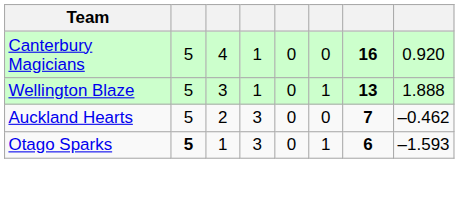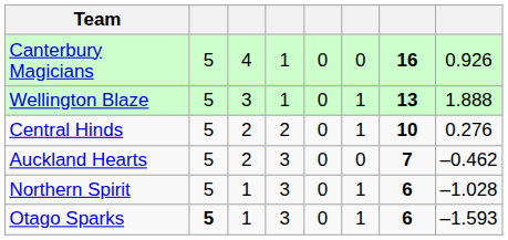 <table class="wikitable" style="text-align:center">
 <tr>
 <th width="150">Team</th>
 <th width="25"></th>
 <th width="25"></th>
 <th width="25"></th>
 <th width="25"></th>
 <th width="25"></th>
 <th width="40"></th>
 <th width="50"></th>
 </tr>
 <tr style="background:#cfc">
 <td style="text-align:left"><a href='#'>Canterbury Magicians</a></td>
 <td>5</td>
 <td>4</td>
 <td>1</td>
 <td>0</td>
 <td>0</td>
 <td><strong>16</strong></td>
-<td>0.920</td>
+<td>0.926</td>
 </tr>
 <tr style="background:#cfc">
 <td style="text-align:left"><a href='#'>Wellington Blaze</a></td>
 <td>5</td>
 <td>3</td>
 <td>1</td>
 <td>0</td>
 <td>1</td>
 <td><strong>13</strong></td>
 <td>1.888</td>
 </tr>
 <tr>
+<td style="text-align:left"><a href='#'>Central Hinds</a></td>
+<td>5</td>
+<td>2</td>
+<td>2</td>
+<td>0</td>
+<td>1</td>
+<td><strong>10</strong></td>
+<td>0.276</td>
+</tr>
+<tr>
 <td style="text-align:left"><a href='#'>Auckland Hearts</a></td>
 <td>5</td>
 <td>2</td>
 <td>3</td>
 <td>0</td>
 <td>0</td>
 <td><strong>7</strong></td>
 <td>–0.462</td>
+</tr>
+<tr>
+<td style="text-align:left"><a href='#'>Northern Spirit</a></td>
+<td>5</td>
+<td>1</td>
+<td>3</td>
+<td>0</td>
+<td>1</td>
+<td><strong>6</strong></td>
+<td>–1.028</td>
 </tr>
 <tr>
 <td style="text-align:left"><a href='#'>Otago Sparks</a></td>
 <td><strong>5</strong></td>
 <td>1</td>
 <td>3</td>
 <td>0</td>
 <td>1</td>
 <td><strong>6</strong></td>
 <td>–1.593</td>
 </tr>
 </table>
